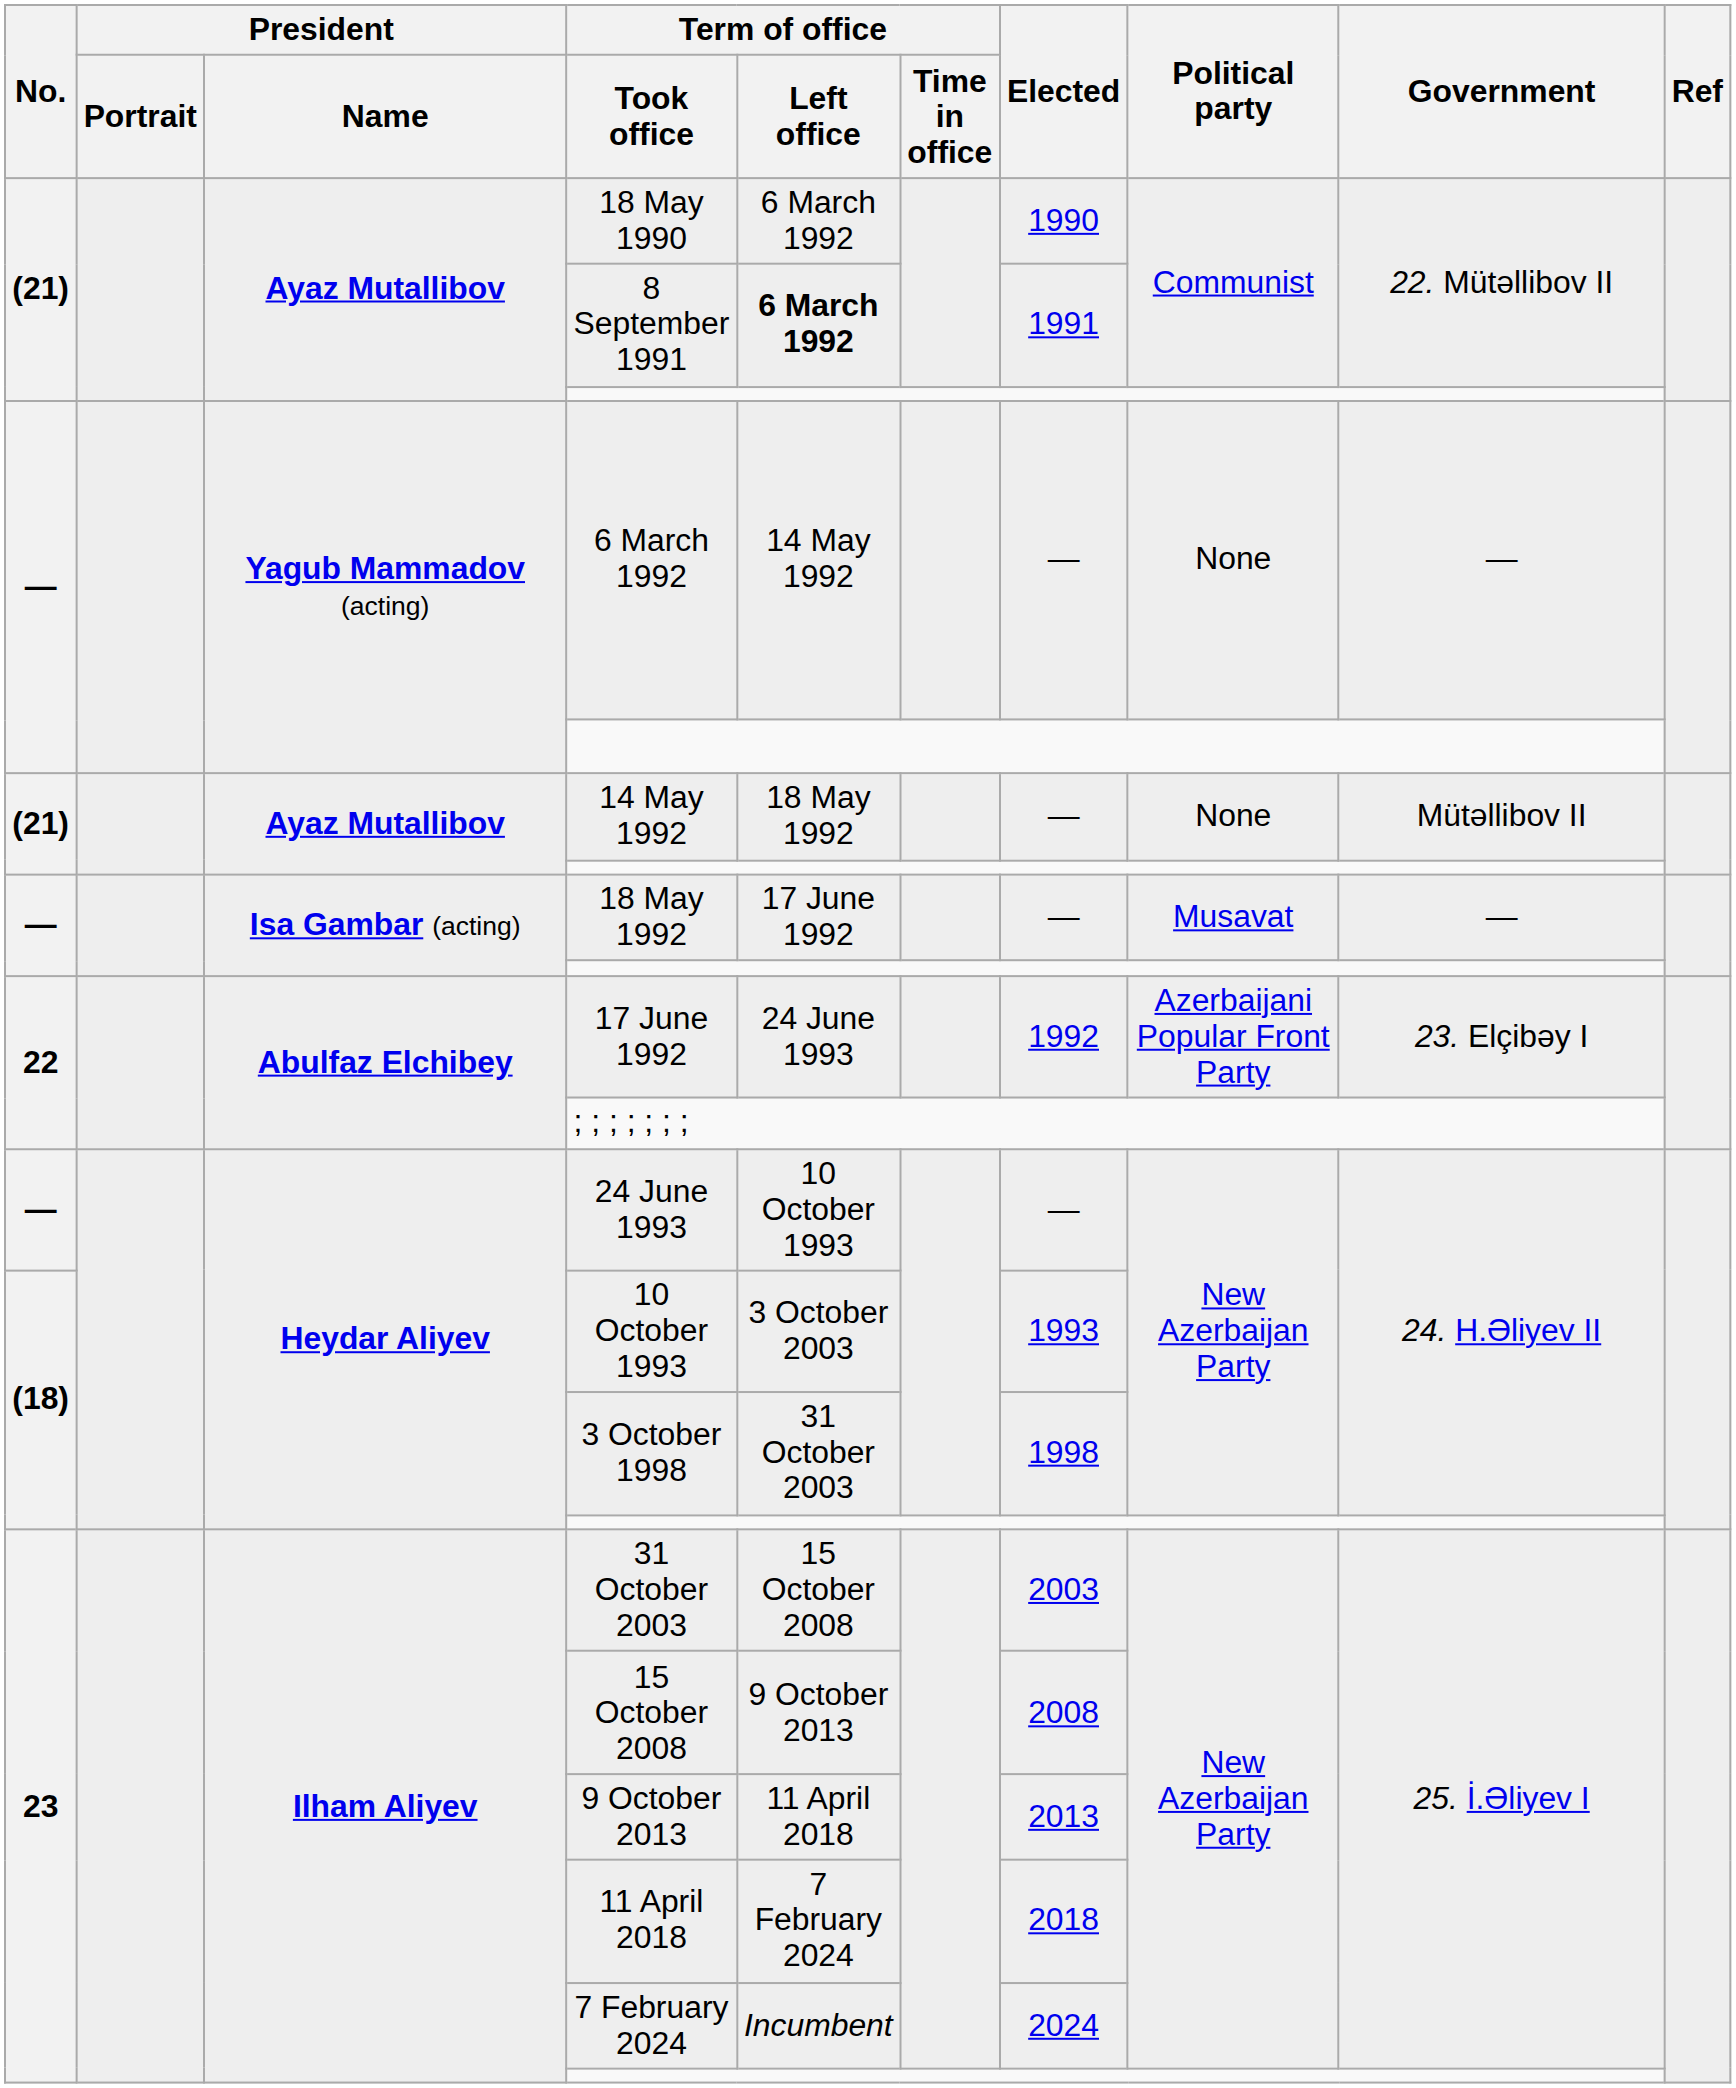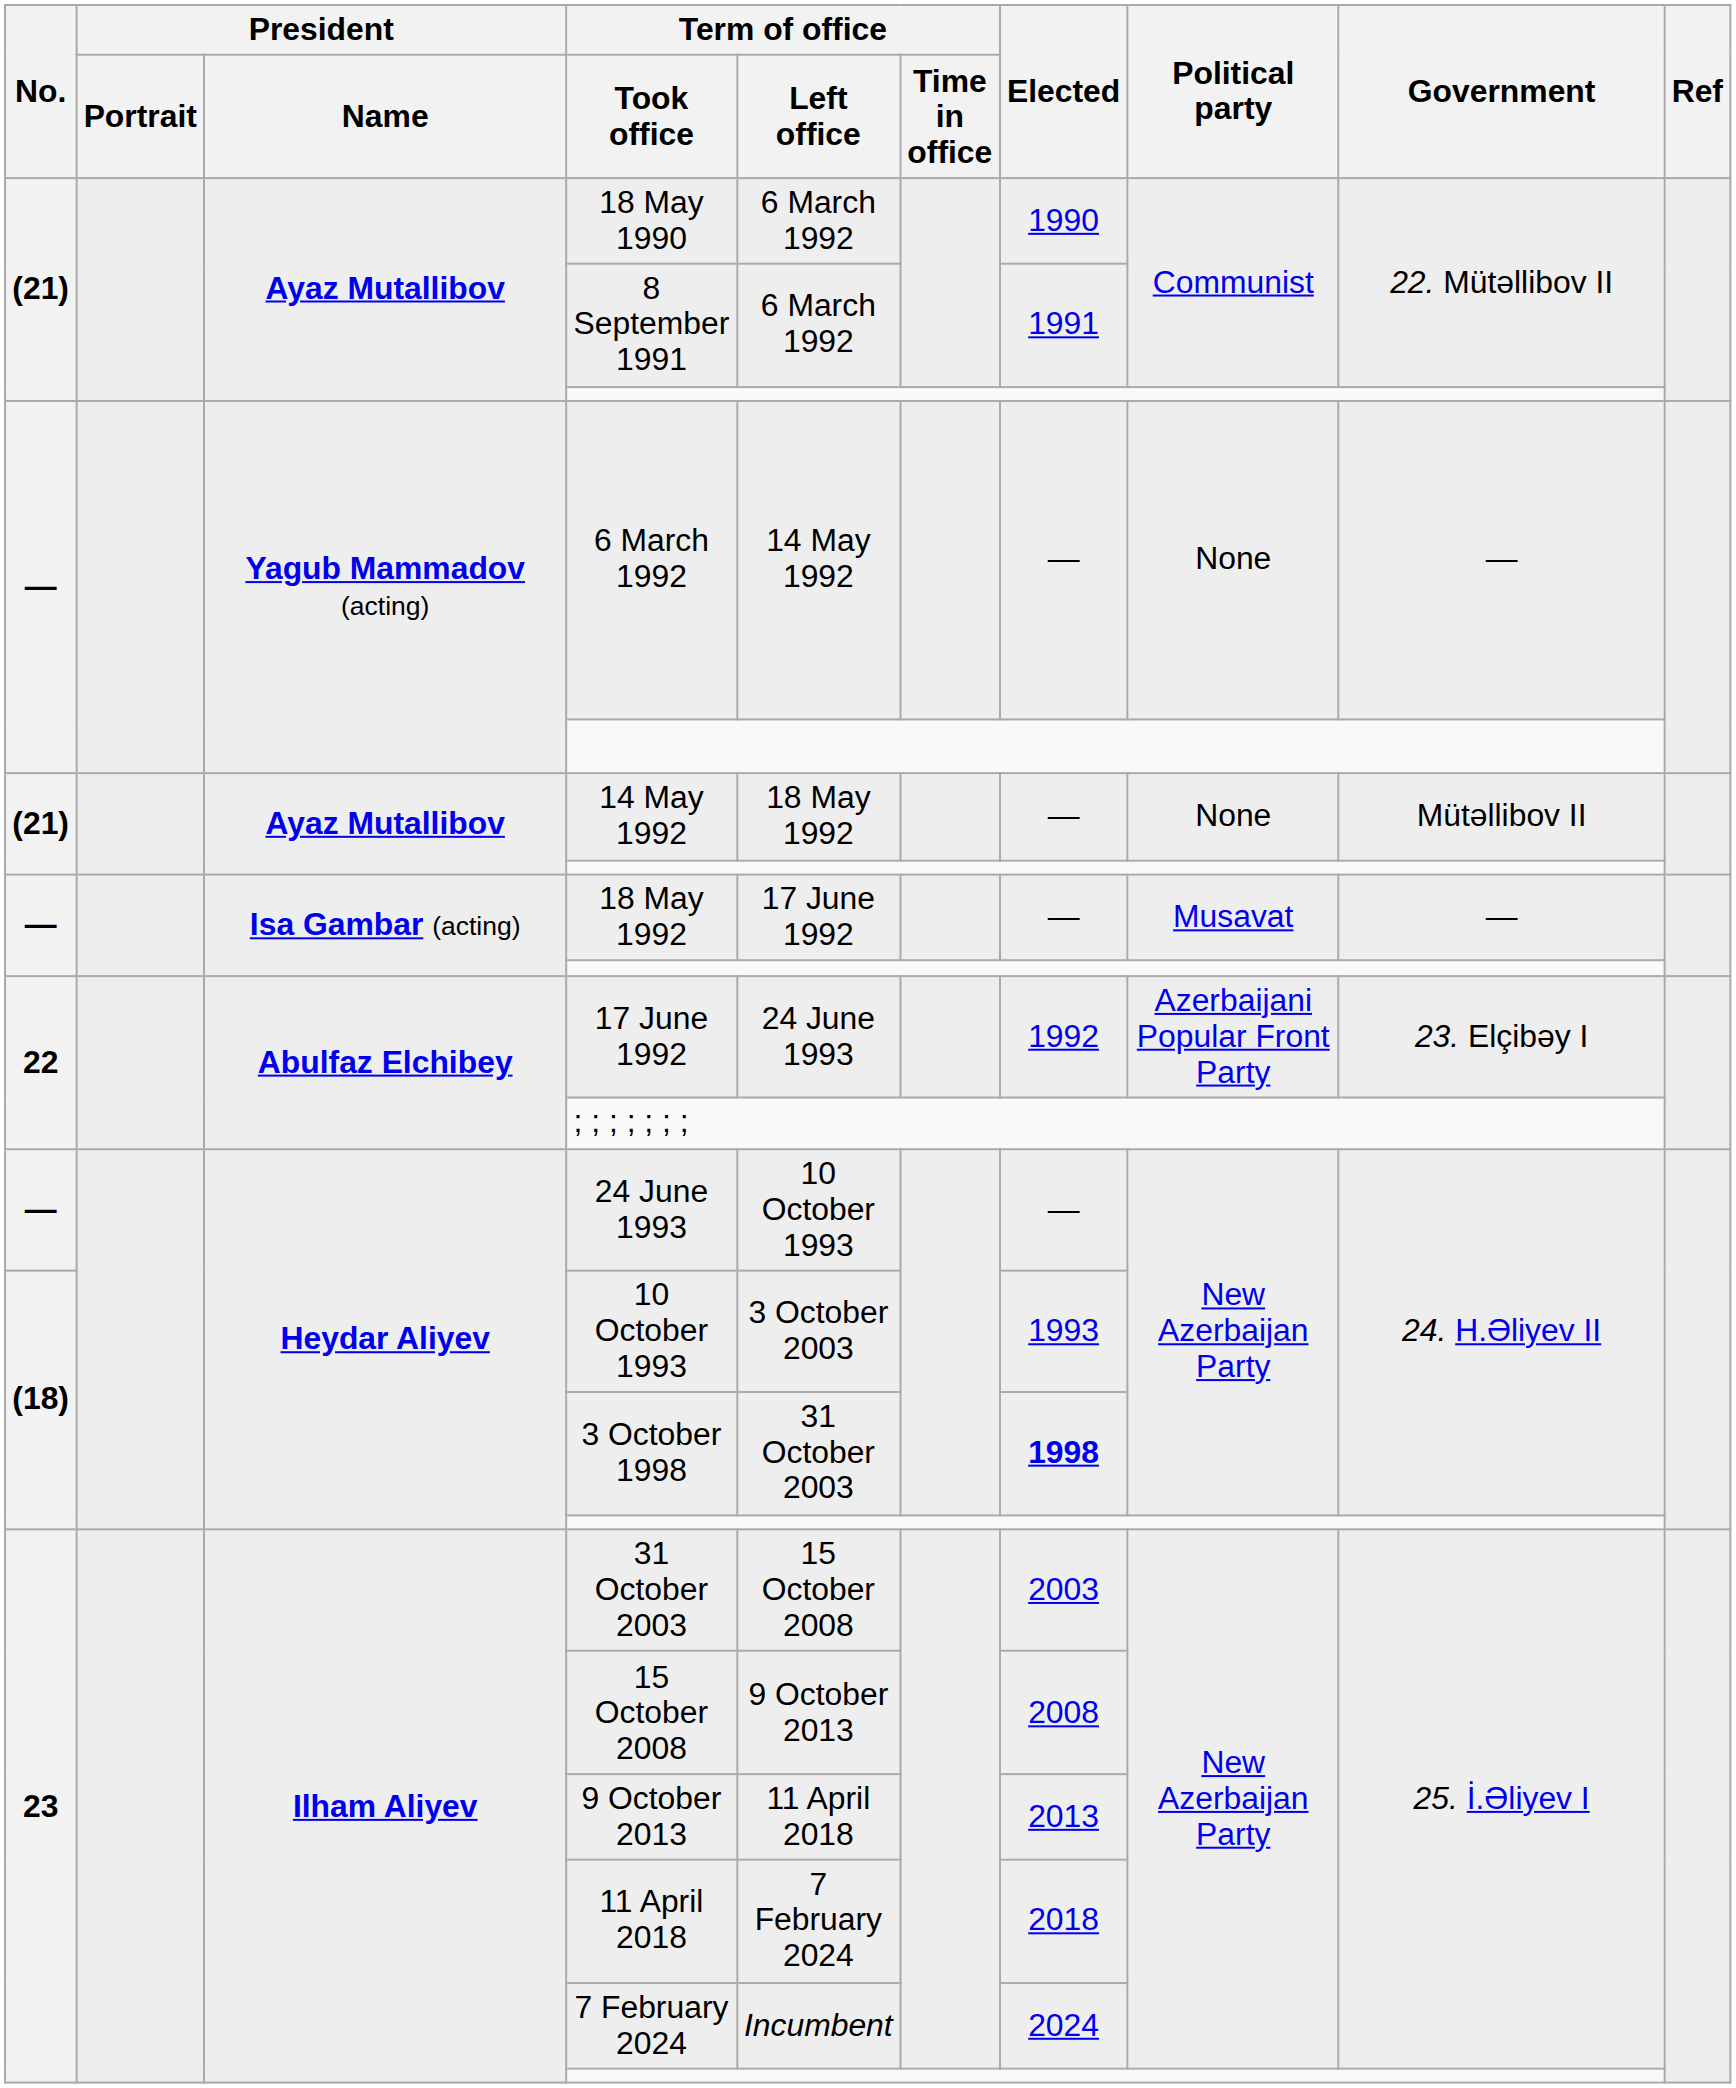 <table class="wikitable"  style="text-align:center">
 <tr>
 <th rowspan=2 style="width:25px;">No.</th>
 <th colspan=2 style="width:280px;">President<br></th>
 <th colspan=3>Term of office</th>
 <th rowspan="2">Elected</th>
 <th rowspan="2" style="width:100px;">Political party</th>
 <th style="width:160px;" rowspan="2">Government</th>
 <th rowspan=2 style="width:20px;">Ref</th>
 </tr>
 <tr>
 <th>Portrait</th>
 <th width=180px>Name</th>
 <th>Took office</th>
 <th>Left office</th>
 <th>Time in office</th>
 </tr>
 <tr bgcolor=#EEEEEE>
 <th rowspan=3 style="background:">(21)</th>
 <td rowspan="3"></td>
 <td rowspan="3"><strong><a href='#'>Ayaz Mutallibov</a></strong><br></td>
 <td>18 May 1990</td>
 <td>6 March 1992</td>
 <td rowspan="2"><small></small></td>
 <td><a href='#'>1990</a></td>
 <td rowspan="2" style="background:"><a href='#'><span>Communist <br></span></a></td>
 <td rowspan="2"><em>22.</em> Mütəllibov II</td>
 <td rowspan="3"></td>
 </tr>
 <tr bgcolor=#EEEEEE>
 <td>8 September 1991</td>
-<td><strong>6 March 1992</strong></td>
+<td>6 March 1992</td>
 <td><a href='#'>1991</a></td>
 </tr>
 <tr>
 <td colspan=6 align=left></td>
 </tr>
 <tr bgcolor="#EEEEEE">
 <th rowspan="2" style="background:">—</th>
 <td rowspan="2" style="height:180px"></td>
 <td rowspan="2"><strong><a href='#'>Yagub Mammadov</a></strong> <small>(acting)</small><br></td>
 <td>6 March 1992</td>
 <td>14 May 1992</td>
 <td><small></small></td>
 <td>—</td>
 <td style="background:">None</td>
 <td>—</td>
 <td rowspan="2"></td>
 </tr>
 <tr>
 <td colspan=6 align=left></td>
 </tr>
 <tr bgcolor=#EEEEEE>
 <th rowspan="2" style="background:">(21)</th>
 <td rowspan="2"></td>
 <td rowspan="2"><strong><a href='#'>Ayaz Mutallibov</a></strong><br></td>
 <td>14 May 1992</td>
 <td>18 May 1992</td>
 <td><small></small></td>
 <td>—</td>
 <td style="background:">None</td>
 <td>Mütəllibov II</td>
 <td rowspan="2"></td>
 </tr>
 <tr>
 <td colspan=6 align=left></td>
 </tr>
 <tr bgcolor="#EEEEEE">
 <th rowspan="2" style="background:">—</th>
 <td rowspan="2"></td>
 <td rowspan="2"><strong><a href='#'>Isa Gambar</a></strong> <small>(acting)</small><br></td>
 <td>18 May 1992</td>
 <td>17 June 1992</td>
 <td><small></small></td>
 <td>—</td>
 <td style="background:"><a href='#'><span>Musavat <br></span></a></td>
 <td>—</td>
 <td rowspan="2"></td>
 </tr>
 <tr>
 <td colspan=6 align=left></td>
 </tr>
 <tr bgcolor="#EEEEEE">
 <th rowspan="2" style="background:">22</th>
 <td rowspan="2"></td>
 <td rowspan="2"><strong><a href='#'>Abulfaz Elchibey</a></strong><br></td>
 <td>17 June 1992</td>
 <td>24 June 1993</td>
 <td><small></small></td>
 <td><a href='#'>1992</a></td>
 <td style="background:"><a href='#'><span>Azerbaijani Popular Front Party</span></a></td>
 <td><em>23.</em> Elçibəy I</td>
 <td rowspan="2"></td>
 </tr>
 <tr>
 <td colspan=6 align=left>; ; ; ; ; ; ; </td>
 </tr>
 <tr bgcolor=#EEEEEE>
 <th>—</th>
 <td rowspan="4"></td>
 <td rowspan="4"><strong><a href='#'>Heydar Aliyev</a></strong><br></td>
 <td>24 June 1993</td>
 <td>10 October 1993</td>
 <td rowspan="3"><small></small></td>
 <td>—</td>
 <td rowspan="3" style="background:"><a href='#'><span>New Azerbaijan Party</span></a></td>
 <td rowspan="3"><em>24.</em> <a href='#'>H.Əliyev II</a></td>
 <td rowspan="4"></td>
 </tr>
 <tr bgcolor="#EEEEEE">
 <th rowspan="3" style="background:">(18)</th>
 <td>10 October 1993</td>
 <td>3 October 2003</td>
 <td><a href='#'>1993</a></td>
 </tr>
 <tr bgcolor=#EEEEEE>
 <td>3 October 1998</td>
 <td>31 October 2003</td>
-<td><a href='#'>1998</a></td>
+<td><strong><a href='#'>1998</a></strong></td>
 </tr>
 <tr>
 <td colspan=6 align=left></td>
 </tr>
 <tr bgcolor="#EEEEEE">
 <th rowspan="6" style="background:">23</th>
 <td rowspan="6"></td>
 <td rowspan="6"><strong><a href='#'>Ilham Aliyev</a></strong><br></td>
 <td>31 October 2003</td>
 <td>15 October 2008</td>
 <td rowspan="5"><small></small></td>
 <td><a href='#'>2003</a></td>
 <td rowspan="5" style="background:"><a href='#'><span>New Azerbaijan Party</span></a></td>
 <td rowspan="5"><em>25.</em> <a href='#'>İ.Əliyev I</a></td>
 <td rowspan="6"></td>
 </tr>
 <tr bgcolor=#EEEEEE>
 <td>15 October 2008</td>
 <td>9 October 2013</td>
 <td><a href='#'>2008</a></td>
 </tr>
 <tr bgcolor=#EEEEEE>
 <td>9 October 2013</td>
 <td>11 April 2018</td>
 <td><a href='#'>2013</a></td>
 </tr>
 <tr bgcolor=#EEEEEE>
 <td>11 April 2018</td>
 <td>7 February 2024</td>
 <td><a href='#'>2018</a></td>
 </tr>
 <tr bgcolor=#EEEEEE>
 <td>7 February 2024</td>
 <td><em>Incumbent</em></td>
 <td><a href='#'>2024</a></td>
 </tr>
 <tr>
 <td colspan=6 align=left></td>
 </tr>
 </table>
